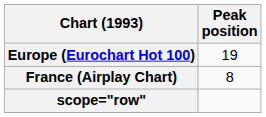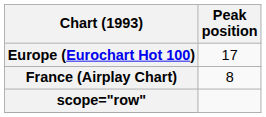 <table class="wikitable sortable plainrowheaders">
 <tr>
 <th>Chart (1993)</th>
 <th>Peak<br>position</th>
 </tr>
 <tr>
 <th scope="row">Europe (<a href='#'>Eurochart Hot 100</a>)</th>
-<td align="center">19</td>
+<td align="center">17</td>
 </tr>
 <tr>
 <th scope="row">France (Airplay Chart)</th>
 <td align="center">8</td>
 </tr>
 <tr>
 <th>scope="row"</th>
 </tr>
 <tr>
 </tr>
 </table>
